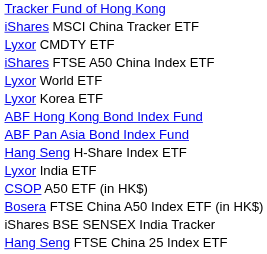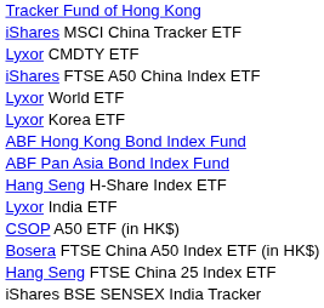 <table>
 <tr>
 <td> <a href='#'>Tracker Fund of Hong Kong</a></td>
 </tr>
 <tr>
 <td> <a href='#'>iShares</a> MSCI China Tracker ETF</td>
 </tr>
 <tr>
 <td> <a href='#'>Lyxor</a> CMDTY ETF</td>
 </tr>
 <tr>
 <td> <a href='#'>iShares</a> FTSE A50 China Index ETF</td>
 </tr>
 <tr>
 <td> <a href='#'>Lyxor</a> World ETF</td>
 </tr>
 <tr>
 <td> <a href='#'>Lyxor</a> Korea ETF</td>
 </tr>
 <tr>
 <td> <a href='#'>ABF Hong Kong Bond Index Fund</a></td>
 </tr>
 <tr>
 <td> <a href='#'>ABF Pan Asia Bond Index Fund</a></td>
 </tr>
 <tr>
 <td> <a href='#'>Hang Seng</a> H-Share Index ETF</td>
 </tr>
 <tr>
 <td> <a href='#'>Lyxor</a> India ETF</td>
 </tr>
 <tr>
 <td> <a href='#'>CSOP</a> A50 ETF (in HK$)</td>
 </tr>
 <tr>
 <td> <a href='#'>Bosera</a> FTSE China A50 Index ETF (in HK$)</td>
 </tr>
 <tr>
+<td> <a href='#'>Hang Seng</a> FTSE China 25 Index ETF</td>
+</tr>
+<tr>
 <td> iShares BSE SENSEX India Tracker</td>
 </tr>
-<tr>
-<td> <a href='#'>Hang Seng</a> FTSE China 25 Index ETF</td>
-</tr>
 </table>
